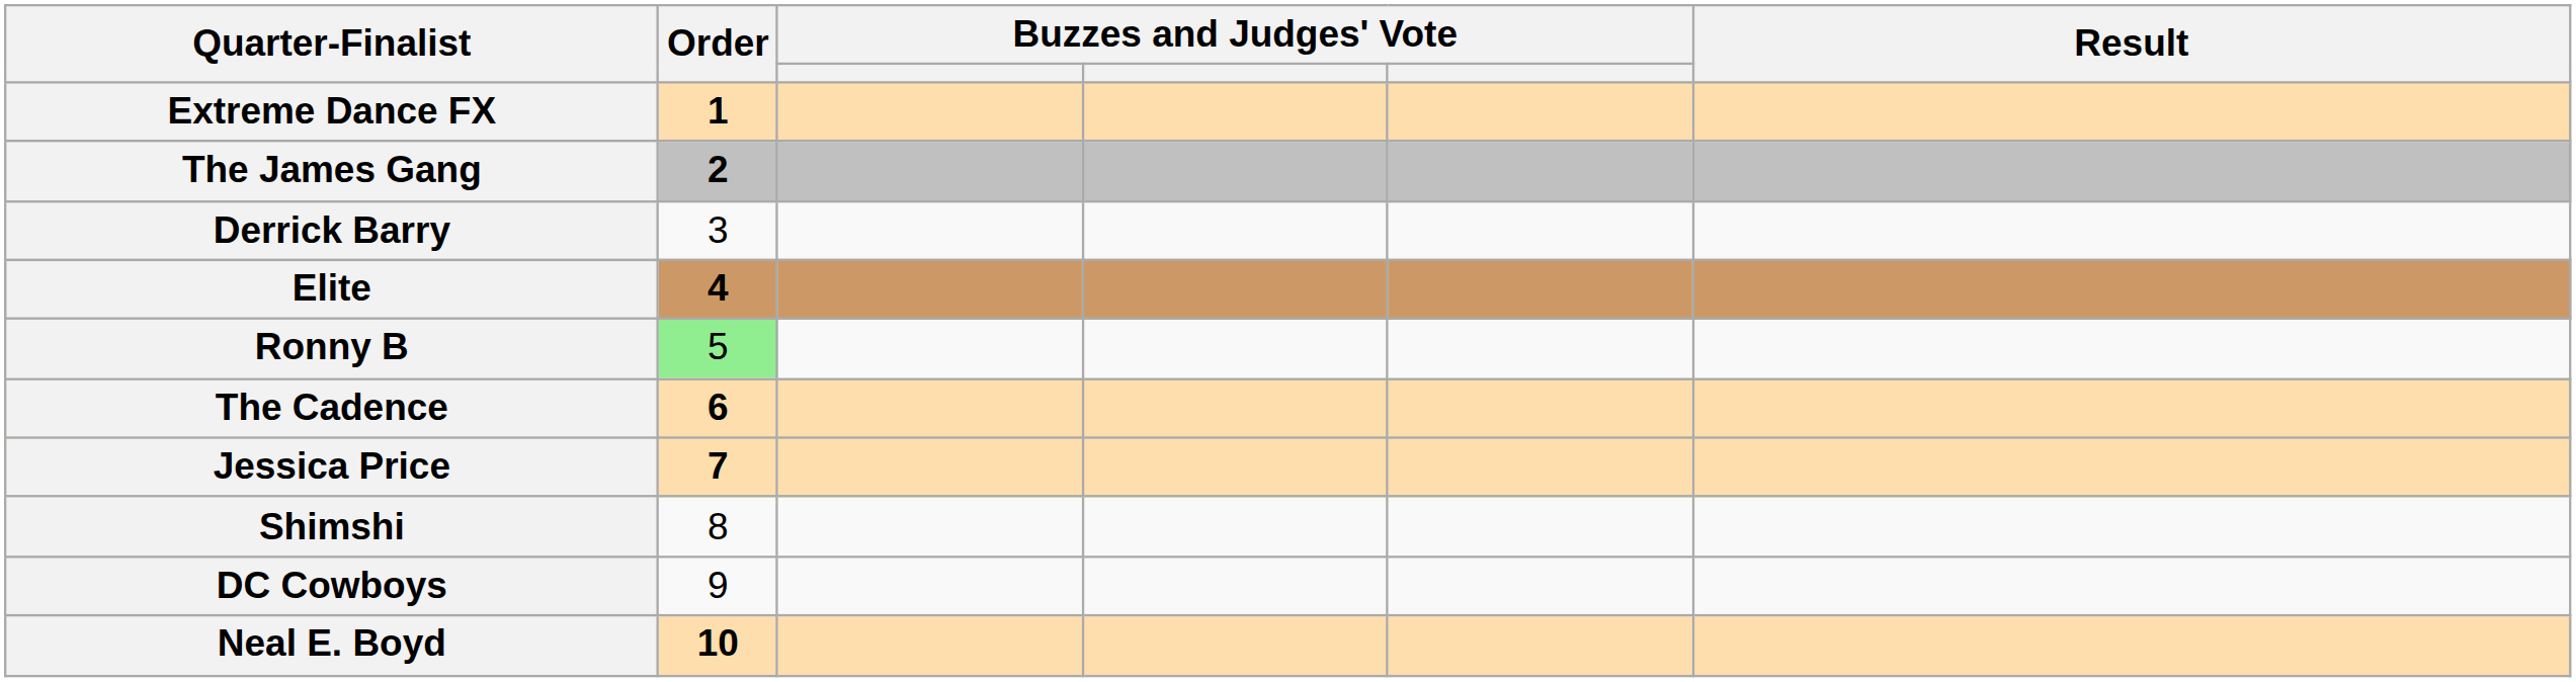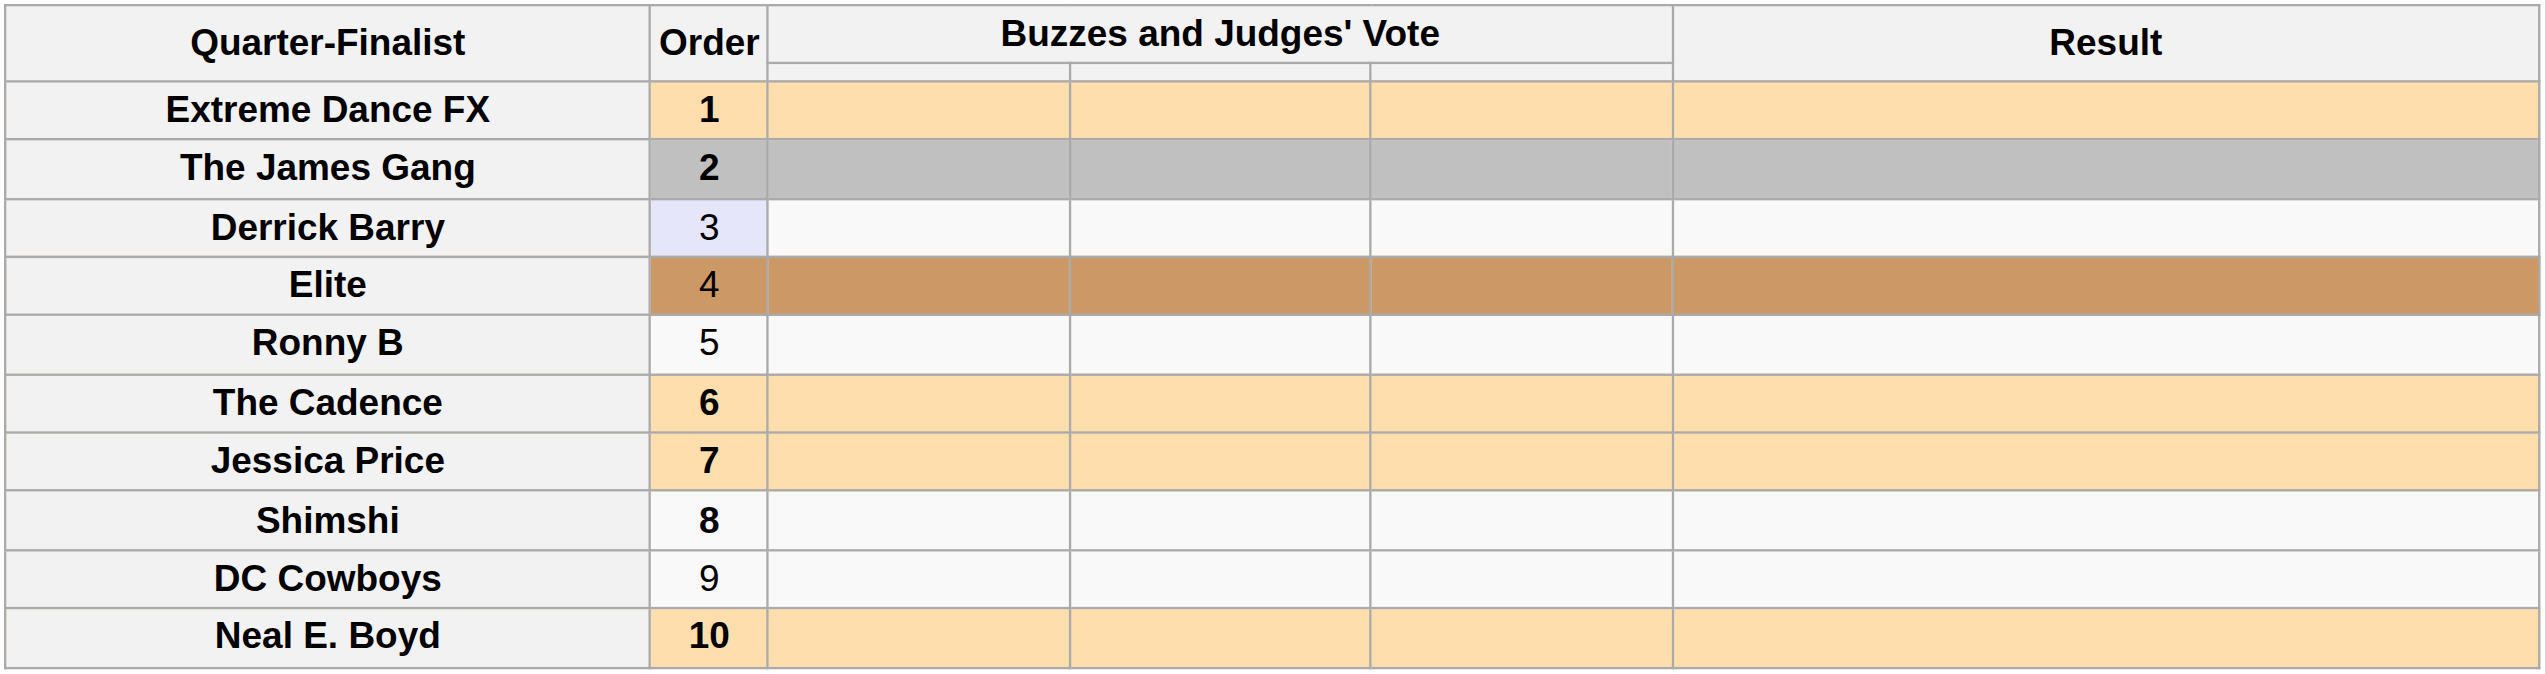 <table class="wikitable plainrowheaders sortable" style="text-align:center;">
 <tr>
 <th scope="col" rowspan="2" class="unsortable" style="width:17em;">Quarter-Finalist</th>
 <th scope="col" rowspan="2" style="width:1em;">Order</th>
 <th scope="col" colspan="3" class="unsortable" style="width:24em;">Buzzes and Judges' Vote</th>
 <th scope="col" rowspan="2" style="width:23em;">Result</th>
 </tr>
 <tr>
 <th scope="col" class="unsortable" style="width:6em;"></th>
 <th scope="col" class="unsortable" style="width:6em;"></th>
 <th scope="col" class="unsortable" style="width:6em;"></th>
 </tr>
 <tr style="background:NavajoWhite;">
 <th scope="row"><strong>Extreme Dance FX</strong></th>
 <td><strong>1</strong></td>
 <td style="text-align:center;"></td>
 <td style="text-align:center;"></td>
 <td style="text-align:center;"></td>
 <td><strong></strong></td>
 </tr>
 <tr style="background:silver;">
 <th scope="row"><strong>The James Gang</strong></th>
 <td><strong>2</strong></td>
 <td style="text-align:center;"></td>
 <td style="text-align:center;"></td>
 <td style="text-align:center;"></td>
 <td><strong></strong></td>
 </tr>
 <tr>
 <th scope="row">Derrick Barry</th>
-<td>3</td>
+<td style="background: lavender;">3</td>
 <td style="text-align:center;"></td>
 <td style="text-align:center;"></td>
 <td style="text-align:center;"></td>
 <td></td>
 </tr>
 <tr style="background:#c96;">
 <th scope="row">Elite</th>
-<td><strong>4</strong></td>
+<td>4</td>
 <td style="text-align:center;"></td>
 <td style="text-align:center;"></td>
 <td style="text-align:center;"></td>
 <td></td>
 </tr>
 <tr>
 <th scope="row">Ronny B</th>
-<td style="background: lightgreen;">5</td>
+<td>5</td>
 <td style="text-align:center;"></td>
 <td style="text-align:center;"></td>
 <td style="text-align:center;"></td>
 <td></td>
 </tr>
 <tr style="background:NavajoWhite;">
 <th scope="row"><strong>The Cadence</strong></th>
 <td><strong>6</strong></td>
 <td style="text-align:center;"></td>
 <td style="text-align:center;"></td>
 <td style="text-align:center;"></td>
 <td><strong></strong></td>
 </tr>
 <tr style="background:NavajoWhite;">
 <th scope="row"><strong>Jessica Price</strong></th>
 <td><strong>7</strong></td>
 <td style="text-align:center;"></td>
 <td style="text-align:center;"></td>
 <td style="text-align:center;"></td>
 <td><strong></strong></td>
 </tr>
 <tr>
 <th scope="row">Shimshi</th>
-<td>8</td>
+<td><strong>8</strong></td>
 <td style="text-align:center;"></td>
 <td style="text-align:center;"></td>
 <td style="text-align:center;"></td>
 <td></td>
 </tr>
 <tr>
 <th scope="row">DC Cowboys</th>
 <td>9</td>
 <td style="text-align:center;"></td>
 <td style="text-align:center;"></td>
 <td style="text-align:center;"></td>
 <td></td>
 </tr>
 <tr style="background:NavajoWhite;">
 <th scope="row"><strong>Neal E. Boyd</strong></th>
 <td><strong>10</strong></td>
 <td style="text-align:center;"></td>
 <td style="text-align:center;"></td>
 <td style="text-align:center;"></td>
 <td><strong></strong></td>
 </tr>
 </table>
